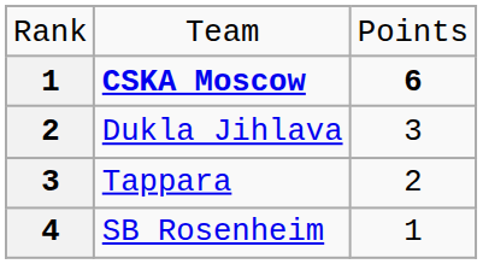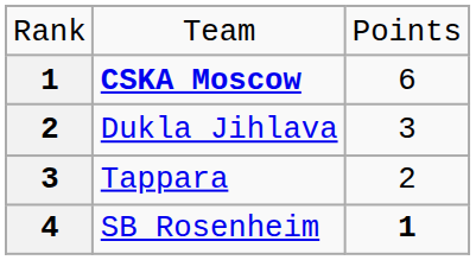 <table class="wikitable" style="text-align: center;">
 <tr>
 <td>Rank</td>
 <td>Team</td>
 <td>Points</td>
 </tr>
 <tr>
 <th>1</th>
 <td style="text-align: left;"> <strong><a href='#'>CSKA Moscow</a></strong></td>
-<td><strong>6</strong></td>
+<td>6</td>
 </tr>
 <tr>
 <th>2</th>
 <td style="text-align: left;"> <a href='#'>Dukla Jihlava</a></td>
 <td>3</td>
 </tr>
 <tr>
 <th>3</th>
 <td style="text-align: left;"> <a href='#'>Tappara</a></td>
 <td>2</td>
 </tr>
 <tr>
 <th>4</th>
 <td style="text-align: left;"> <a href='#'>SB Rosenheim</a></td>
-<td>1</td>
+<td><strong>1</strong></td>
 </tr>
 </table>
